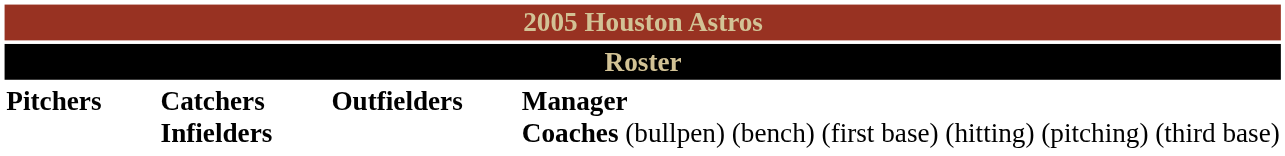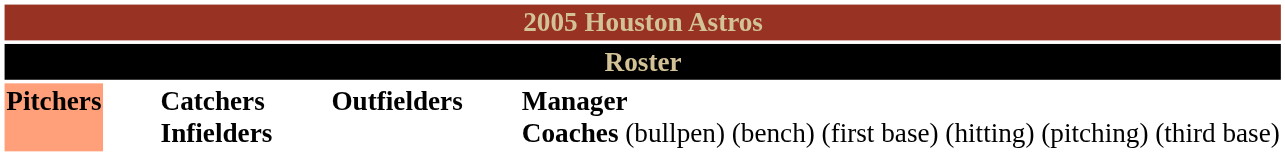 <table class="toccolours" style="font-size: 95%;">
 <tr>
 <th colspan="10" style="text-align:center; background:#983222; color:#d2c295;">2005 Houston Astros</th>
 </tr>
 <tr>
 <td colspan="10" style="text-align:center; background:#000; color:#d2c295;"><strong>Roster</strong></td>
 </tr>
 <tr>
-<td valign="top"><strong>Pitchers</strong><br>                </td>
+<td valign="top" style="background: lightsalmon;"><strong>Pitchers</strong><br>                </td>
 <td width="25px"></td>
 <td valign="top"><strong>Catchers</strong><br>   <strong>Infielders</strong>        </td>
 <td width="25px"></td>
 <td valign="top"><strong>Outfielders</strong><br>       </td>
 <td width="25px"></td>
 <td valign="top"><strong>Manager</strong><br> <strong>Coaches</strong> (bullpen)  (bench)  (first base)  (hitting)  (pitching)  (third base)</td>
 </tr>
 </table>
